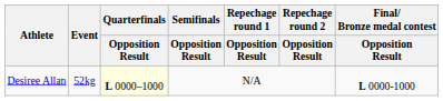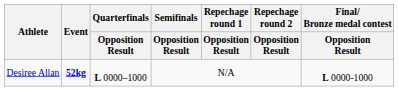 <table class=wikitable style="font-size:90%">
 <tr>
 <th rowspan="2">Athlete</th>
 <th rowspan="2">Event</th>
 <th>Quarterfinals</th>
 <th>Semifinals</th>
 <th>Repechage <br>round 1</th>
 <th>Repechage <br>round 2</th>
 <th>Final/<br>Bronze medal contest</th>
 </tr>
 <tr>
 <th>Opposition<br>Result</th>
 <th>Opposition<br>Result</th>
 <th>Opposition<br>Result</th>
 <th>Opposition<br>Result</th>
 <th>Opposition<br>Result</th>
 </tr>
 <tr>
 <td><a href='#'>Desiree Allan</a></td>
-<td style="text-align:center;"><a href='#'>52kg</a></td>
-<td style="background: lightyellow; text-align:center;"><br> <strong>L</strong> 0000–1000</td>
+<td style="text-align:center;"><strong><a href='#'>52kg</a></strong></td>
+<td style="text-align:center;"><br> <strong>L</strong> 0000–1000</td>
 <td style="text-align:center;" colspan="3">N/A</td>
 <td style="text-align:center;"><br> <strong>L</strong> 0000-1000</td>
 </tr>
 </table>
